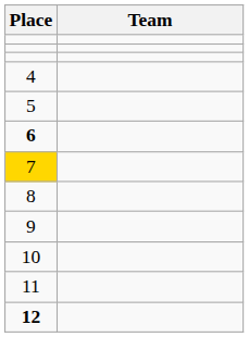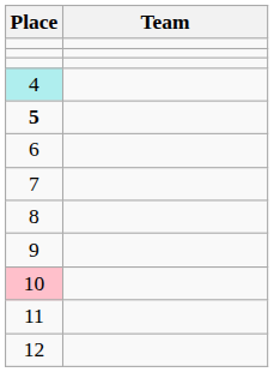 <table class="wikitable" style="text-align:center;">
 <tr>
 <th width=30>Place</th>
 <th width=150>Team</th>
 </tr>
 <tr>
 <td></td>
 <td align="left"></td>
 </tr>
 <tr>
 <td></td>
 <td align="left"></td>
 </tr>
 <tr>
 <td></td>
 <td align="left"></td>
 </tr>
 <tr>
-<td>4</td>
+<td style="background: paleturquoise;">4</td>
 <td align="left"></td>
 </tr>
 <tr>
-<td>5</td>
+<td><strong>5</strong></td>
 <td align="left"></td>
 </tr>
 <tr>
-<td><strong>6</strong></td>
+<td>6</td>
 <td align="left"></td>
 </tr>
 <tr>
-<td style="background: gold;">7</td>
+<td>7</td>
 <td align="left"></td>
 </tr>
 <tr>
 <td>8</td>
 <td align="left"></td>
 </tr>
 <tr>
 <td>9</td>
 <td align="left"></td>
 </tr>
 <tr>
-<td>10</td>
+<td style="background: pink;">10</td>
 <td align="left"></td>
 </tr>
 <tr>
 <td>11</td>
 <td align="left"></td>
 </tr>
 <tr>
-<td><strong>12</strong></td>
+<td>12</td>
 <td align="left"></td>
 </tr>
 </table>
